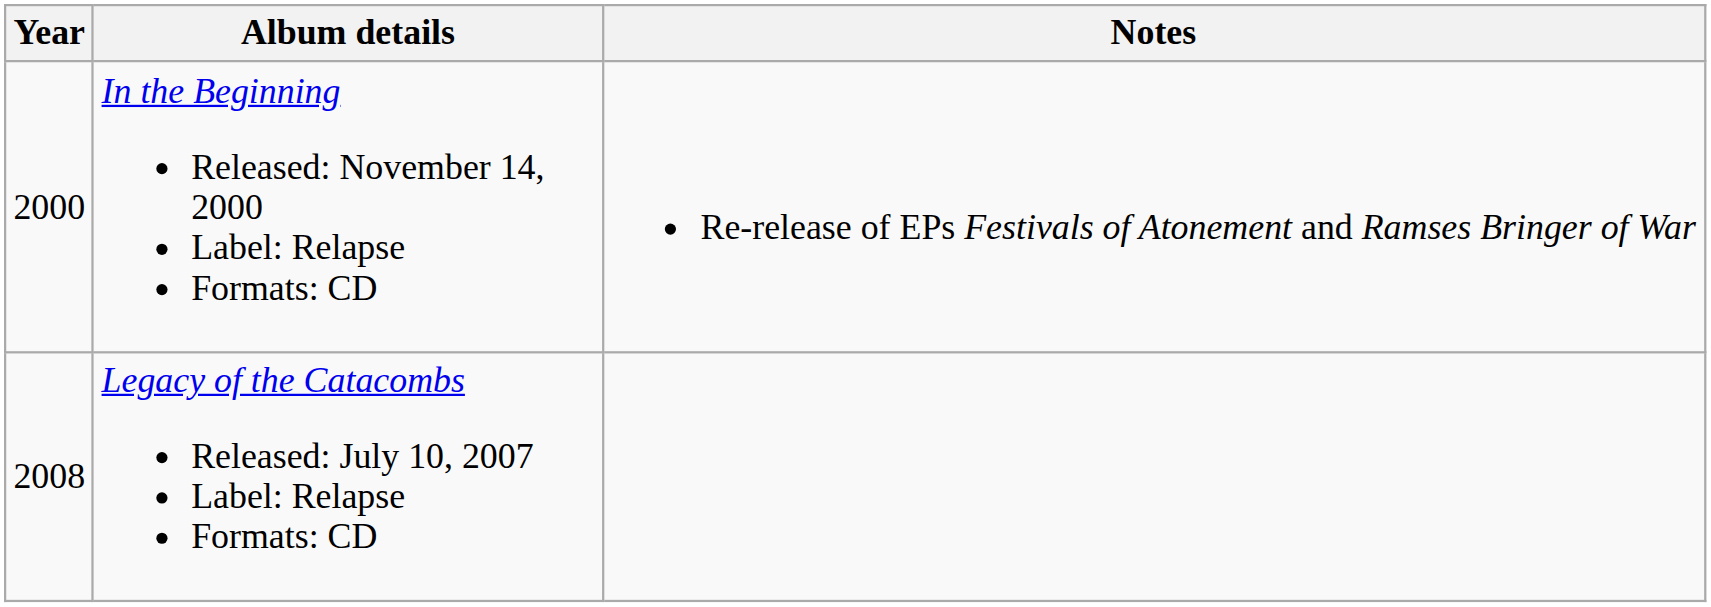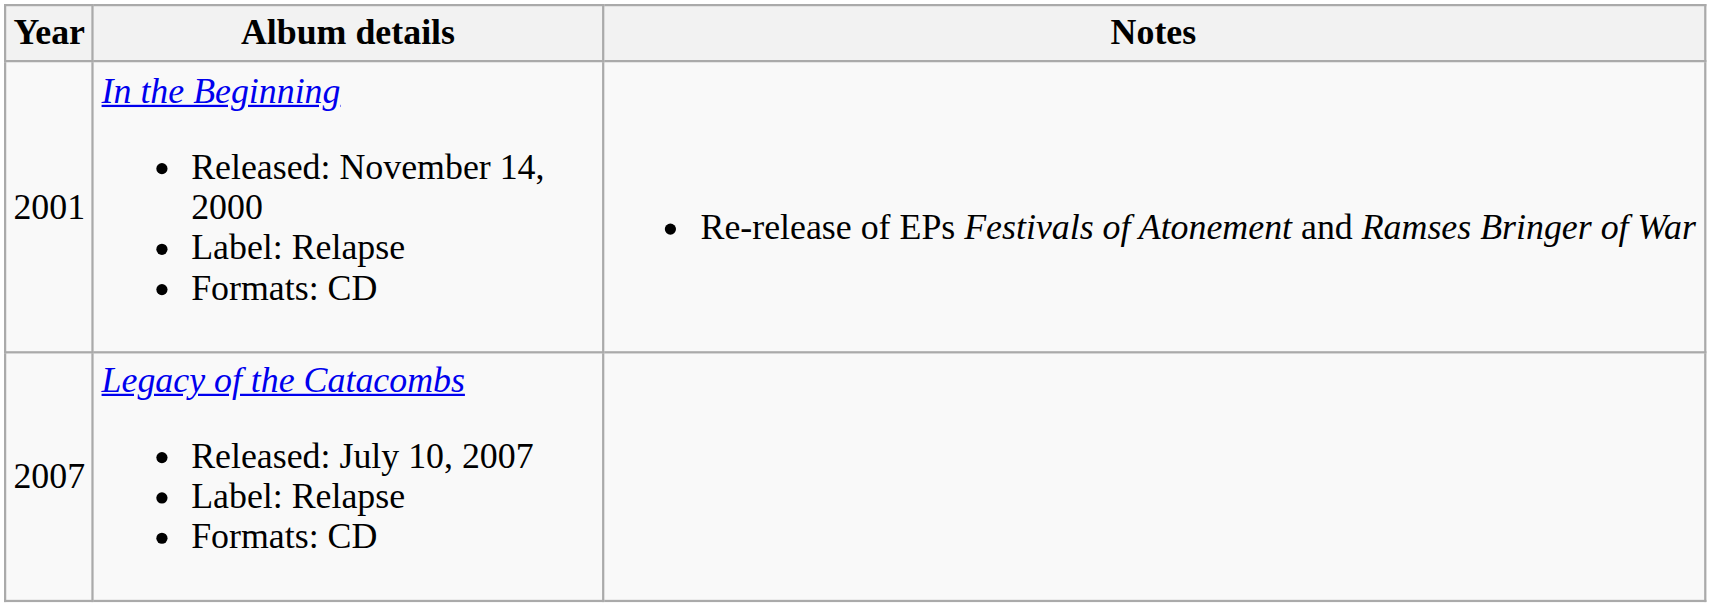 <table class="wikitable" border="1">
 <tr>
 <th>Year</th>
 <th width="220">Album details</th>
 <th>Notes</th>
 </tr>
 <tr>
-<td>2000</td>
+<td>2001</td>
 <td><em><a href='#'>In the Beginning</a></em><br><ul><li>Released: November 14, 2000</li><li>Label: Relapse</li><li>Formats: CD</li></ul></td>
 <td><br><ul><li>Re-release of EPs <em>Festivals of Atonement</em> and <em>Ramses Bringer of War</em></li></ul></td>
 </tr>
 <tr>
-<td>2008</td>
+<td>2007</td>
 <td><em><a href='#'>Legacy of the Catacombs</a></em><br><ul><li>Released: July 10, 2007</li><li>Label: Relapse</li><li>Formats: CD</li></ul></td>
 <td></td>
 </tr>
 </table>
